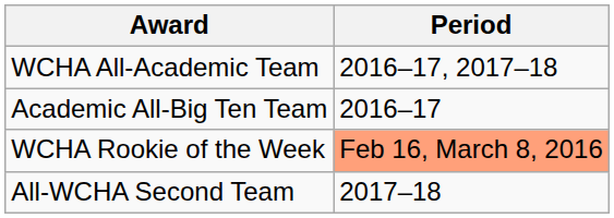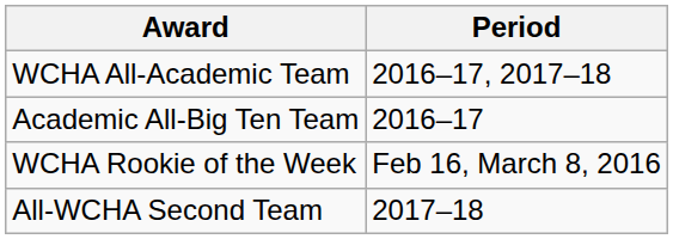 <table class="wikitable">
 <tr>
 <th>Award</th>
 <th>Period</th>
 </tr>
 <tr>
 <td>WCHA All-Academic Team</td>
 <td>2016–17, 2017–18</td>
 </tr>
 <tr>
 <td>Academic All-Big Ten Team</td>
 <td>2016–17</td>
 </tr>
 <tr>
 <td>WCHA Rookie of the Week</td>
-<td style="background: lightsalmon;">Feb 16, March 8, 2016</td>
+<td>Feb 16, March 8, 2016</td>
 </tr>
 <tr>
 <td>All-WCHA Second Team</td>
 <td>2017–18</td>
 </tr>
 </table>
